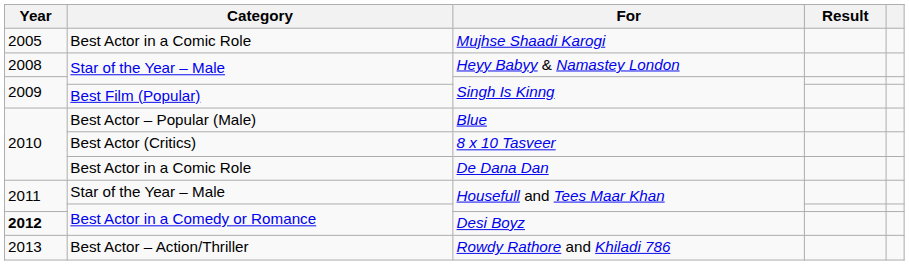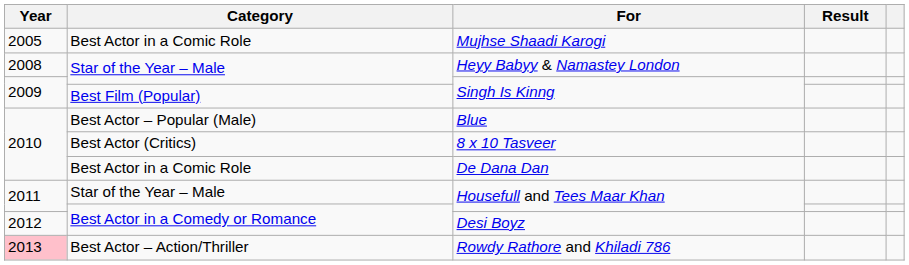 <table class="wikitable sortable plainrowheaders" width=75%>
 <tr>
 <th scope=col>Year</th>
 <th scope=col>Category</th>
 <th scope=col>For</th>
 <th scope=col>Result</th>
 <th scope=col class="unsortable" width=2%></th>
 </tr>
 <tr>
 <td>2005</td>
 <td>Best Actor in a Comic Role</td>
 <td><em><a href='#'>Mujhse Shaadi Karogi</a></em></td>
 <td></td>
 <td style="text-align:center;"></td>
 </tr>
 <tr>
 <td>2008</td>
 <td rowspan="2"><a href='#'>Star of the Year – Male</a></td>
 <td><em><a href='#'>Heyy Babyy</a></em> & <em><a href='#'>Namastey London</a></em></td>
 <td></td>
 <td style="text-align:center;"></td>
 </tr>
 <tr>
 <td rowspan="2">2009</td>
 <td rowspan="2"><em><a href='#'>Singh Is Kinng</a></em></td>
 <td></td>
 <td style="text-align:center;"></td>
 </tr>
 <tr>
 <td><a href='#'>Best Film (Popular)</a></td>
 <td></td>
 <td style="text-align:center;"></td>
 </tr>
 <tr>
 <td rowspan="3">2010</td>
 <td>Best Actor – Popular (Male)</td>
 <td><em><a href='#'>Blue</a></em></td>
 <td></td>
 <td style="text-align:center;"></td>
 </tr>
 <tr>
 <td>Best Actor (Critics)</td>
 <td><em><a href='#'>8 x 10 Tasveer</a></em></td>
 <td></td>
 <td style="text-align:center;"></td>
 </tr>
 <tr>
 <td>Best Actor in a Comic Role</td>
 <td><em><a href='#'>De Dana Dan</a></em></td>
 <td></td>
 <td style="text-align:center;"></td>
 </tr>
 <tr>
 <td rowspan="2">2011</td>
 <td>Star of the Year – Male</td>
 <td rowspan="2"><em><a href='#'>Housefull</a></em> and <em><a href='#'>Tees Maar Khan</a></em></td>
 <td></td>
 <td style="text-align:center;"></td>
 </tr>
 <tr>
 <td rowspan="2"><a href='#'>Best Actor in a Comedy or Romance</a></td>
 <td></td>
 <td style="text-align:center;"></td>
 </tr>
 <tr>
-<td><strong>2012</strong></td>
+<td>2012</td>
 <td><em><a href='#'>Desi Boyz</a></em></td>
 <td></td>
 <td style="text-align:center;"></td>
 </tr>
 <tr>
-<td>2013</td>
+<td style="background: pink;">2013</td>
 <td>Best Actor – Action/Thriller</td>
 <td><em><a href='#'>Rowdy Rathore</a></em> and <em><a href='#'>Khiladi 786</a></em></td>
 <td></td>
 <td style="text-align:center;"></td>
 </tr>
 </table>
